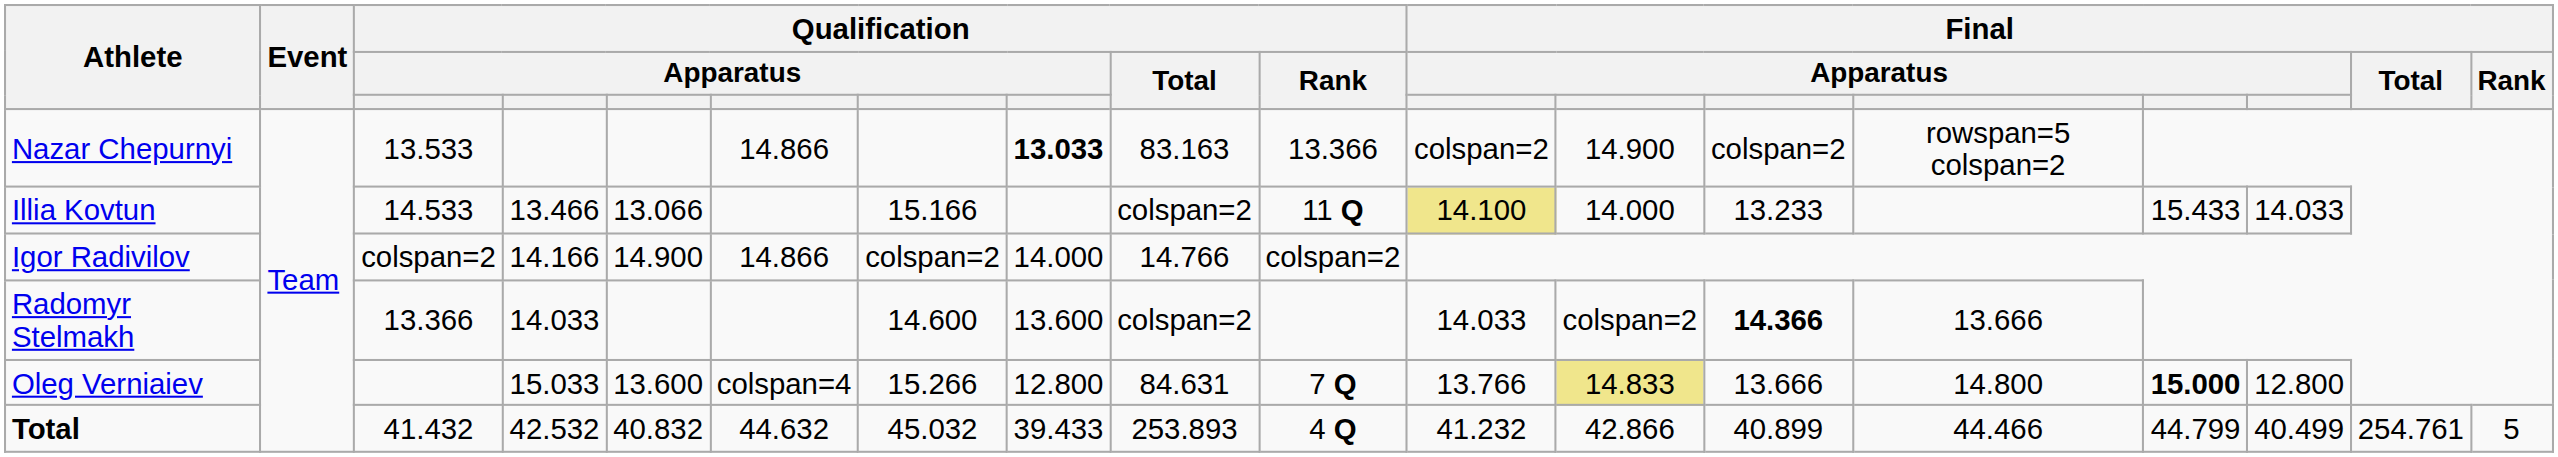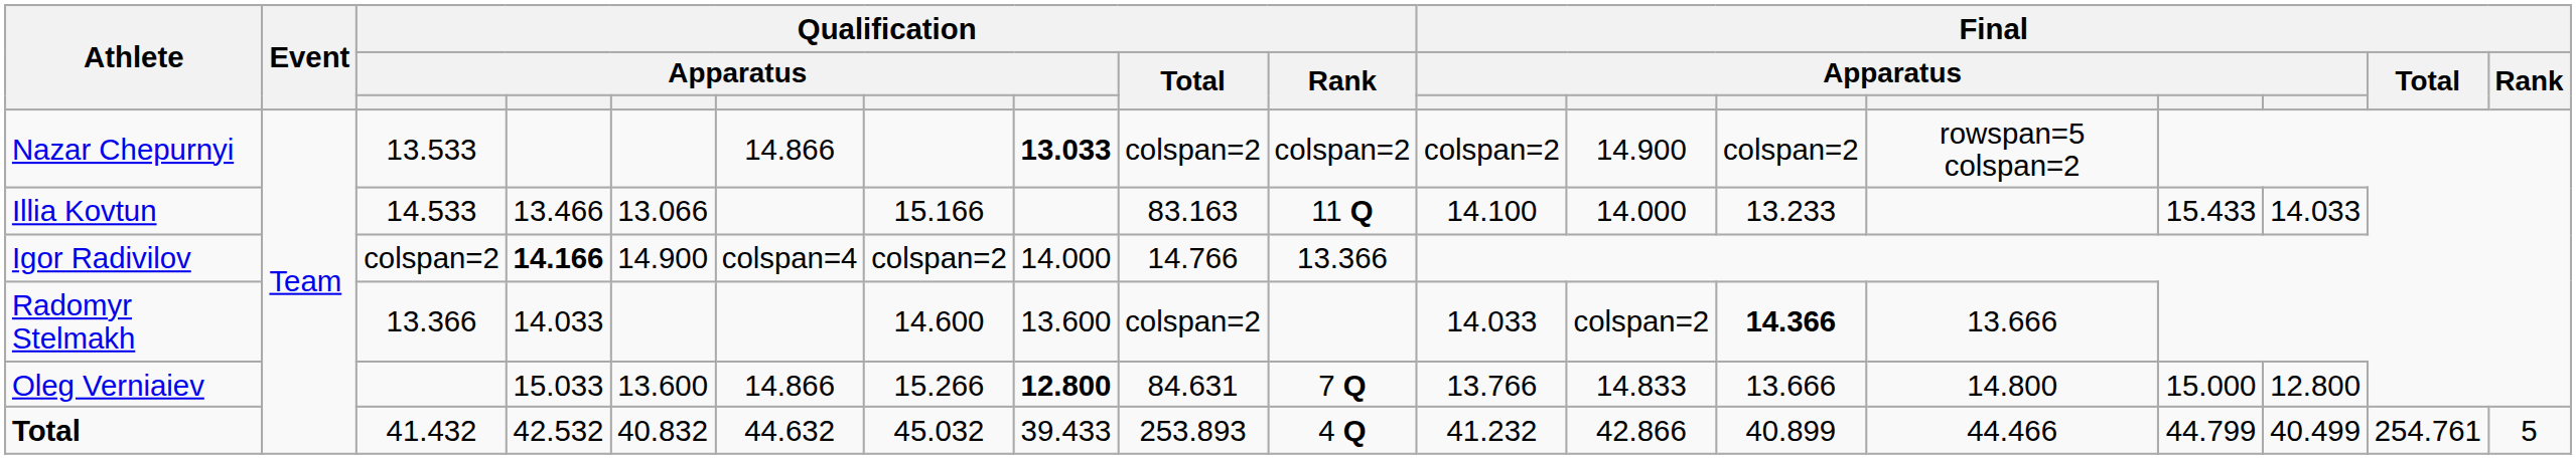 <table class="wikitable" style="font-size:90%">
 <tr>
 <th rowspan=3>Athlete</th>
 <th rowspan=3>Event</th>
 <th colspan =8>Qualification</th>
 <th colspan =8>Final</th>
 </tr>
 <tr style="font-size:95%">
 <th colspan=6>Apparatus</th>
 <th rowspan=2>Total</th>
 <th rowspan=2>Rank</th>
 <th colspan=6>Apparatus</th>
 <th rowspan=2>Total</th>
 <th rowspan=2>Rank</th>
 </tr>
 <tr style="font-size:95%">
 <th></th>
 <th></th>
 <th></th>
 <th></th>
 <th></th>
 <th></th>
 <th></th>
 <th></th>
 <th></th>
 <th></th>
 <th></th>
 <th></th>
 </tr>
 <tr align=center>
 <td align=left><a href='#'>Nazar Chepurnyi</a></td>
 <td align=left rowspan=6><a href='#'>Team</a></td>
 <td>13.533</td>
 <td></td>
 <td></td>
 <td>14.866</td>
 <td></td>
 <td><strong>13.033</strong></td>
-<td>83.163</td>
-<td>13.366</td>
+<td>colspan=2 </td>
+<td>colspan=2 </td>
 <td>colspan=2 </td>
 <td>14.900</td>
 <td>colspan=2 </td>
 <td>rowspan=5 colspan=2 </td>
 </tr>
 <tr align=center>
 <td align=left><a href='#'>Illia Kovtun</a></td>
 <td>14.533</td>
 <td>13.466</td>
 <td>13.066</td>
 <td></td>
 <td>15.166</td>
 <td></td>
-<td>colspan=2 </td>
+<td>83.163</td>
 <td>11 <strong>Q</strong></td>
-<td style="background: khaki;">14.100</td>
+<td>14.100</td>
 <td>14.000</td>
 <td>13.233</td>
 <td></td>
 <td>15.433</td>
 <td>14.033</td>
 </tr>
 <tr align=center>
 <td align=left><a href='#'>Igor Radivilov</a></td>
 <td>colspan=2 </td>
-<td>14.166</td>
+<td><strong>14.166</strong></td>
 <td>14.900</td>
-<td>14.866</td>
+<td>colspan=4 </td>
 <td>colspan=2 </td>
 <td>14.000</td>
 <td>14.766</td>
-<td>colspan=2 </td>
+<td>13.366</td>
 </tr>
 <tr align=center>
 <td align=left><a href='#'>Radomyr Stelmakh</a></td>
 <td>13.366</td>
 <td>14.033</td>
 <td></td>
 <td></td>
 <td>14.600</td>
 <td>13.600</td>
 <td>colspan=2 </td>
 <td></td>
 <td>14.033</td>
 <td>colspan=2 </td>
 <td><strong>14.366</strong></td>
 <td>13.666</td>
 </tr>
 <tr align=center>
 <td align=left><a href='#'>Oleg Verniaiev</a></td>
 <td></td>
 <td>15.033</td>
 <td>13.600</td>
-<td>colspan=4 </td>
+<td>14.866</td>
 <td>15.266</td>
-<td>12.800</td>
+<td><strong>12.800</strong></td>
 <td>84.631</td>
 <td>7 <strong>Q</strong></td>
 <td>13.766</td>
-<td style="background: khaki;">14.833</td>
+<td>14.833</td>
 <td>13.666</td>
 <td>14.800</td>
-<td><strong>15.000</strong></td>
+<td>15.000</td>
 <td>12.800</td>
 </tr>
 <tr align=center>
 <td align=left><strong>Total</strong></td>
 <td>41.432</td>
 <td>42.532</td>
 <td>40.832</td>
 <td>44.632</td>
 <td>45.032</td>
 <td>39.433</td>
 <td>253.893</td>
 <td>4 <strong>Q</strong></td>
 <td>41.232</td>
 <td>42.866</td>
 <td>40.899</td>
 <td>44.466</td>
 <td>44.799</td>
 <td>40.499</td>
 <td>254.761</td>
 <td>5</td>
 </tr>
 </table>
